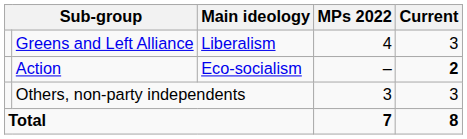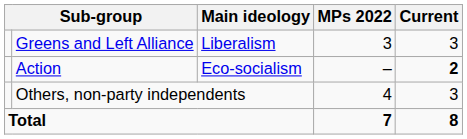 <table class="wikitable" style="font-size:100%">
 <tr>
 <th colspan=2>Sub-group</th>
 <th>Main ideology</th>
 <th>MPs 2022</th>
 <th>Current</th>
 </tr>
 <tr>
 <td></td>
 <td><a href='#'>Greens and Left Alliance</a></td>
 <td><a href='#'>Liberalism</a></td>
-<td align=right>4</td>
+<td align=right>3</td>
 <td align=right>3</td>
 </tr>
 <tr>
 <td></td>
 <td><a href='#'>Action</a></td>
 <td><a href='#'>Eco-socialism</a></td>
 <td align=right>–</td>
 <td align=right><strong>2</strong></td>
 </tr>
 <tr>
 <td></td>
 <td colspan=2>Others, non-party independents</td>
-<td align=right>3</td>
+<td align=right>4</td>
 <td align=right>3</td>
 </tr>
 <tr>
 <td colspan=3><strong>Total</strong></td>
 <td align=right><strong>7</strong></td>
 <td align=right><strong>8</strong></td>
 </tr>
 </table>
